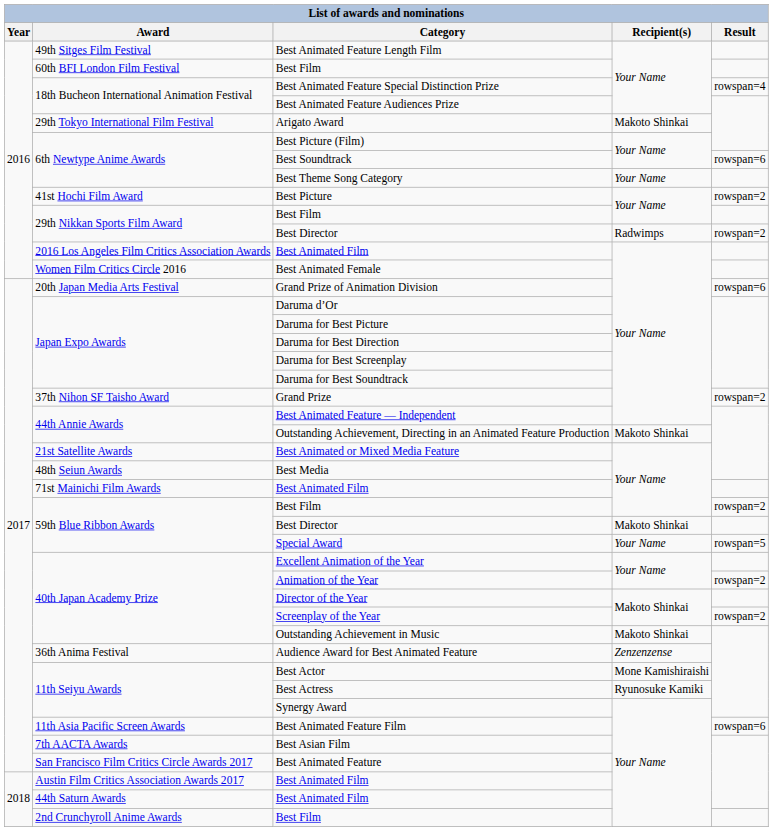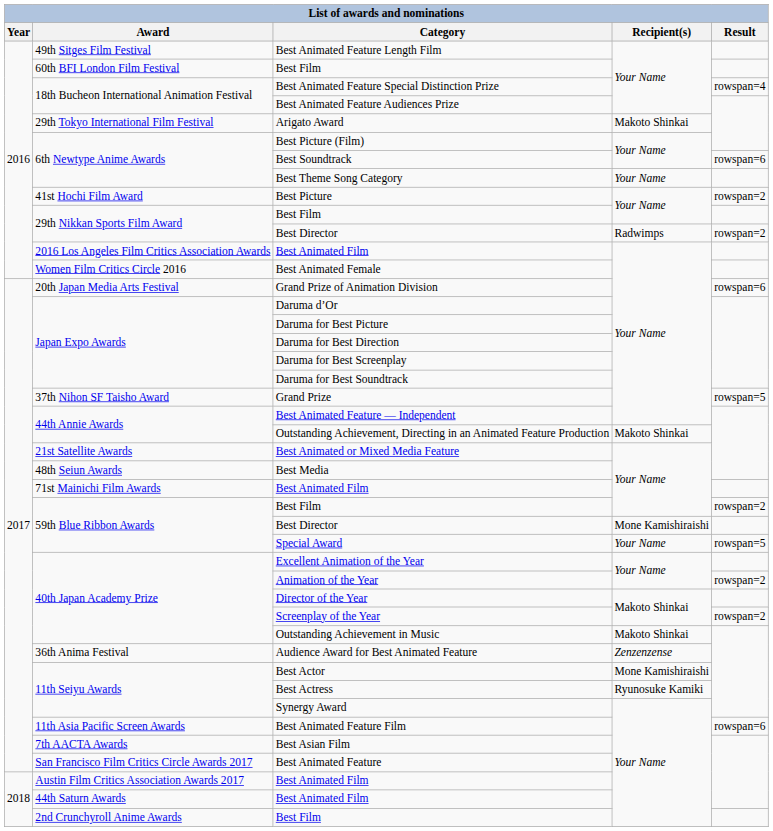 <table class="wikitable sortable">
 <tr style="background:#ccc; text-align:center;">
 <th colspan="8" style="background: LightSteelBlue;">List of awards and nominations</th>
 </tr>
 <tr style="background:#ccc; text-align:center;">
 <th>Year</th>
 <th>Award</th>
 <th>Category</th>
 <th>Recipient(s)</th>
 <th>Result</th>
 </tr>
 <tr>
 <td rowspan="13">2016</td>
 <td>49th <a href='#'>Sitges Film Festival</a></td>
 <td>Best Animated Feature Length Film</td>
 <td rowspan="4"><em>Your Name</em></td>
 <td></td>
 </tr>
 <tr>
 <td>60th <a href='#'>BFI London Film Festival</a></td>
 <td>Best Film</td>
 <td></td>
 </tr>
 <tr>
 <td rowspan="2">18th Bucheon International Animation Festival</td>
 <td>Best Animated Feature Special Distinction Prize</td>
 <td>rowspan=4 </td>
 </tr>
 <tr>
 <td>Best Animated Feature Audiences Prize</td>
 </tr>
 <tr>
 <td>29th <a href='#'>Tokyo International Film Festival</a></td>
 <td>Arigato Award</td>
 <td>Makoto Shinkai</td>
 </tr>
 <tr>
 <td rowspan="3">6th <a href='#'>Newtype Anime Awards</a></td>
 <td>Best Picture (Film)</td>
 <td rowspan="2"><em>Your Name</em></td>
 </tr>
 <tr>
 <td>Best Soundtrack</td>
 <td>rowspan=6 </td>
 </tr>
 <tr>
 <td>Best Theme Song Category</td>
 <td><em>Your Name</em></td>
 </tr>
 <tr>
 <td>41st <a href='#'>Hochi Film Award</a></td>
 <td>Best Picture</td>
 <td rowspan="2"><em>Your Name</em></td>
 <td>rowspan=2 </td>
 </tr>
 <tr>
 <td rowspan="2">29th <a href='#'>Nikkan Sports Film Award</a></td>
 <td>Best Film</td>
 </tr>
 <tr>
 <td>Best Director</td>
 <td>Radwimps</td>
 <td>rowspan=2 </td>
 </tr>
 <tr>
 <td><a href='#'>2016 Los Angeles Film Critics Association Awards</a></td>
 <td><a href='#'>Best Animated Film</a></td>
 <td rowspan="10"><em>Your Name</em></td>
 </tr>
 <tr>
 <td><a href='#'>Women Film Critics Circle</a> 2016</td>
 <td>Best Animated Female</td>
 <td></td>
 </tr>
 <tr>
 <td rowspan="27">2017</td>
 <td>20th <a href='#'>Japan Media Arts Festival</a></td>
 <td>Grand Prize of Animation Division</td>
 <td>rowspan=6 </td>
 </tr>
 <tr>
 <td rowspan="5"><a href='#'>Japan Expo Awards</a></td>
 <td>Daruma d’Or</td>
 </tr>
 <tr>
 <td>Daruma for Best Picture</td>
 </tr>
 <tr>
 <td>Daruma for Best Direction</td>
 </tr>
 <tr>
 <td>Daruma for Best Screenplay</td>
 </tr>
 <tr>
 <td>Daruma for Best Soundtrack</td>
 </tr>
 <tr>
 <td>37th <a href='#'>Nihon SF Taisho Award</a></td>
 <td>Grand Prize</td>
-<td>rowspan=2 </td>
+<td>rowspan=5 </td>
 </tr>
 <tr>
 <td rowspan="2"><a href='#'>44th Annie Awards</a></td>
 <td><a href='#'>Best Animated Feature — Independent</a></td>
 </tr>
 <tr>
 <td>Outstanding Achievement, Directing in an Animated Feature Production</td>
 <td>Makoto Shinkai</td>
 </tr>
 <tr>
 <td><a href='#'>21st Satellite Awards</a></td>
 <td><a href='#'>Best Animated or Mixed Media Feature</a></td>
 <td rowspan="4"><em>Your Name</em></td>
 </tr>
 <tr>
 <td>48th <a href='#'>Seiun Awards</a></td>
 <td>Best Media</td>
 </tr>
 <tr>
 <td>71st <a href='#'>Mainichi Film Awards</a></td>
 <td><a href='#'>Best Animated Film</a></td>
 <td></td>
 </tr>
 <tr>
 <td rowspan="3">59th <a href='#'>Blue Ribbon Awards</a></td>
 <td>Best Film</td>
 <td>rowspan=2 </td>
 </tr>
 <tr>
 <td>Best Director</td>
-<td>Makoto Shinkai</td>
+<td>Mone Kamishiraishi</td>
 </tr>
 <tr>
 <td><a href='#'>Special Award</a></td>
 <td><em>Your Name</em></td>
 <td>rowspan=5 </td>
 </tr>
 <tr>
 <td rowspan="5"><a href='#'>40th Japan Academy Prize</a></td>
 <td><a href='#'>Excellent Animation of the Year</a></td>
 <td rowspan="2"><em>Your Name</em></td>
 </tr>
 <tr>
 <td><a href='#'>Animation of the Year</a></td>
 <td>rowspan=2 </td>
 </tr>
 <tr>
 <td><a href='#'>Director of the Year</a></td>
 <td rowspan="2">Makoto Shinkai</td>
 </tr>
 <tr>
 <td><a href='#'>Screenplay of the Year</a></td>
 <td>rowspan=2 </td>
 </tr>
 <tr>
 <td>Outstanding Achievement in Music</td>
 <td>Makoto Shinkai</td>
 </tr>
 <tr>
 <td>36th Anima Festival</td>
 <td>Audience Award for Best Animated Feature</td>
 <td><em>Zenzenzense</em></td>
 </tr>
 <tr>
 <td rowspan="3"><a href='#'>11th Seiyu Awards</a></td>
 <td>Best Actor</td>
 <td>Mone Kamishiraishi</td>
 </tr>
 <tr>
 <td>Best Actress</td>
 <td>Ryunosuke Kamiki</td>
 </tr>
 <tr>
 <td>Synergy Award</td>
 <td rowspan="7"><em>Your Name</em></td>
 </tr>
 <tr>
 <td><a href='#'>11th Asia Pacific Screen Awards</a></td>
 <td>Best Animated Feature Film</td>
 <td>rowspan=6 </td>
 </tr>
 <tr>
 <td><a href='#'>7th AACTA Awards</a></td>
 <td>Best Asian Film</td>
 </tr>
 <tr>
 <td><a href='#'>San Francisco Film Critics Circle Awards 2017</a></td>
 <td>Best Animated Feature</td>
 </tr>
 <tr>
 <td rowspan="3">2018</td>
 <td><a href='#'>Austin Film Critics Association Awards 2017</a></td>
 <td><a href='#'>Best Animated Film</a></td>
 </tr>
 <tr>
 <td><a href='#'>44th Saturn Awards</a></td>
 <td><a href='#'>Best Animated Film</a></td>
 </tr>
 <tr>
 <td><a href='#'>2nd Crunchyroll Anime Awards</a></td>
 <td><a href='#'>Best Film</a></td>
 <td></td>
 </tr>
 </table>
